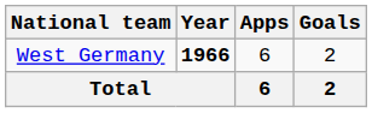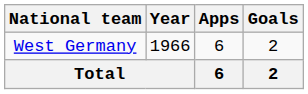 <table class="wikitable" style="text-align:center">
 <tr>
 <th>National team</th>
 <th>Year</th>
 <th>Apps</th>
 <th>Goals</th>
 </tr>
 <tr>
 <td rowspan="1"><a href='#'>West Germany</a></td>
-<td><strong>1966</strong></td>
+<td>1966</td>
 <td>6</td>
 <td>2</td>
 </tr>
 <tr>
 <th colspan="2">Total</th>
 <th>6</th>
 <th>2</th>
 </tr>
 </table>
